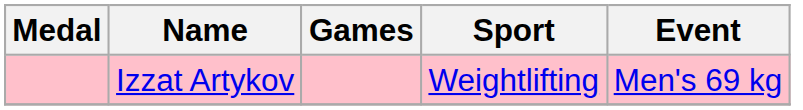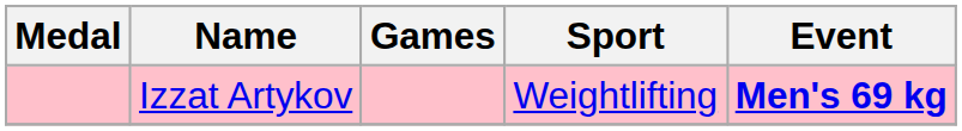 <table class="wikitable sortable" style="font-size: 95%;">
 <tr>
 <th>Medal</th>
 <th>Name</th>
 <th>Games</th>
 <th>Sport</th>
 <th>Event</th>
 </tr>
 <tr bgcolor=pink>
 <td></td>
 <td><a href='#'>Izzat Artykov</a></td>
 <td></td>
 <td><a href='#'>Weightlifting</a></td>
-<td><a href='#'>Men's 69 kg</a></td>
+<td><strong><a href='#'>Men's 69 kg</a></strong></td>
 </tr>
 <tr>
 </tr>
 </table>
